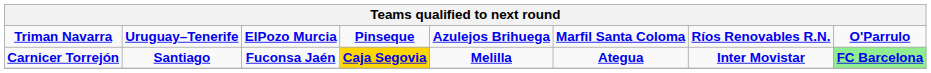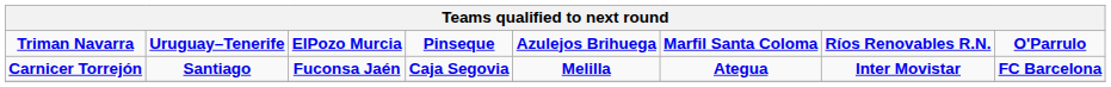 <table class="wikitable" style="text-align: center; margin: 0 auto;">
 <tr>
 <th colspan="8">Teams qualified to next round</th>
 </tr>
 <tr>
 <td><strong><a href='#'>Triman Navarra</a></strong></td>
 <td><strong><a href='#'>Uruguay–Tenerife</a></strong></td>
 <td><strong><a href='#'>ElPozo Murcia</a></strong></td>
 <td><strong><a href='#'>Pinseque</a></strong></td>
 <td><strong><a href='#'>Azulejos Brihuega</a></strong></td>
 <td><strong><a href='#'>Marfil Santa Coloma</a></strong></td>
 <td><strong><a href='#'>Ríos Renovables R.N.</a></strong></td>
 <td><strong><a href='#'>O'Parrulo</a></strong></td>
 </tr>
 <tr>
 <td><strong><a href='#'>Carnicer Torrejón</a></strong></td>
 <td><strong><a href='#'>Santiago</a></strong></td>
 <td><strong><a href='#'>Fuconsa Jaén</a></strong></td>
-<td style="background: gold;"><strong><a href='#'>Caja Segovia</a></strong></td>
+<td><strong><a href='#'>Caja Segovia</a></strong></td>
 <td><strong><a href='#'>Melilla</a></strong></td>
 <td><strong><a href='#'>Ategua</a></strong></td>
 <td><strong><a href='#'>Inter Movistar</a></strong></td>
-<td style="background: lightgreen;"><strong><a href='#'>FC Barcelona</a></strong></td>
+<td><strong><a href='#'>FC Barcelona</a></strong></td>
 </tr>
 <tr>
 </tr>
 </table>
